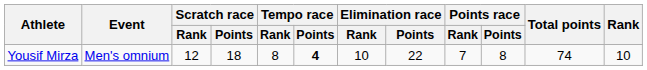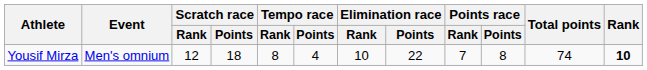 <table class=wikitable style=font-size:90%;text-align:center>
 <tr>
 <th rowspan="2">Athlete</th>
 <th rowspan="2">Event</th>
 <th colspan=2>Scratch race</th>
 <th colspan=2>Tempo race</th>
 <th colspan=2>Elimination race</th>
 <th colspan=2>Points race</th>
 <th rowspan=2>Total points</th>
 <th rowspan=2>Rank</th>
 </tr>
 <tr style="font-size:95%">
 <th>Rank</th>
 <th>Points</th>
 <th>Rank</th>
 <th>Points</th>
 <th>Rank</th>
 <th>Points</th>
 <th>Rank</th>
 <th>Points</th>
 </tr>
 <tr>
 <td align=left><a href='#'>Yousif Mirza</a></td>
 <td align=left><a href='#'>Men's omnium</a></td>
 <td>12</td>
 <td>18</td>
 <td>8</td>
-<td><strong>4</strong></td>
+<td>4</td>
 <td>10</td>
 <td>22</td>
 <td>7</td>
 <td>8</td>
 <td>74</td>
-<td>10</td>
+<td><strong>10</strong></td>
 </tr>
 </table>
